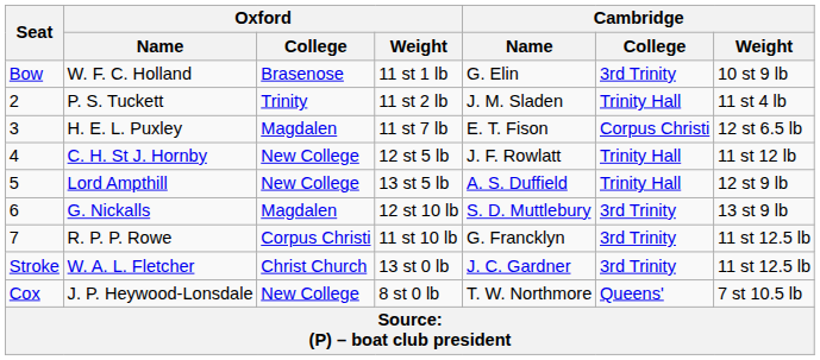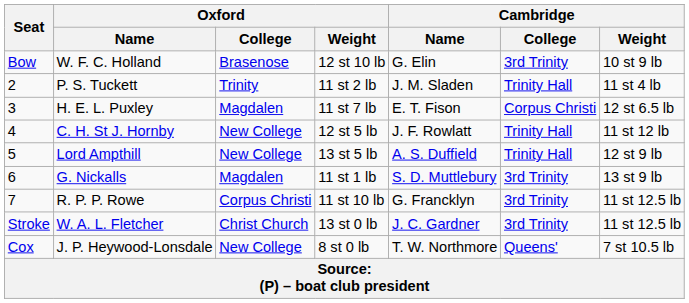 <table class="wikitable">
 <tr>
 <th rowspan="2" scope="col">Seat</th>
 <th colspan="3" scope="col">Oxford <br> </th>
 <th colspan="3" scope="col">Cambridge <br> </th>
 </tr>
 <tr>
 <th>Name</th>
 <th>College</th>
 <th>Weight</th>
 <th>Name</th>
 <th>College</th>
 <th>Weight</th>
 </tr>
 <tr>
 <td><a href='#'>Bow</a></td>
 <td>W. F. C. Holland</td>
 <td><a href='#'>Brasenose</a></td>
-<td>11 st 1 lb</td>
+<td>12 st 10 lb</td>
 <td>G. Elin</td>
 <td><a href='#'>3rd Trinity</a></td>
 <td>10 st 9 lb</td>
 </tr>
 <tr>
 <td>2</td>
 <td>P. S. Tuckett</td>
 <td><a href='#'>Trinity</a></td>
 <td>11 st 2 lb</td>
 <td>J. M. Sladen</td>
 <td><a href='#'>Trinity Hall</a></td>
 <td>11 st 4 lb</td>
 </tr>
 <tr>
 <td>3</td>
 <td>H. E. L. Puxley</td>
 <td><a href='#'>Magdalen</a></td>
 <td>11 st 7 lb</td>
 <td>E. T. Fison</td>
 <td><a href='#'>Corpus Christi</a></td>
 <td>12 st 6.5 lb</td>
 </tr>
 <tr>
 <td>4</td>
 <td><a href='#'>C. H. St J. Hornby</a></td>
 <td><a href='#'>New College</a></td>
 <td>12 st 5 lb</td>
 <td>J. F. Rowlatt</td>
 <td><a href='#'>Trinity Hall</a></td>
 <td>11 st 12 lb</td>
 </tr>
 <tr>
 <td>5</td>
 <td><a href='#'>Lord Ampthill</a></td>
 <td><a href='#'>New College</a></td>
 <td>13 st 5 lb</td>
 <td><a href='#'>A. S. Duffield</a></td>
 <td><a href='#'>Trinity Hall</a></td>
 <td>12 st 9 lb</td>
 </tr>
 <tr>
 <td>6</td>
 <td><a href='#'>G. Nickalls</a></td>
 <td><a href='#'>Magdalen</a></td>
-<td>12 st 10 lb</td>
+<td>11 st 1 lb</td>
 <td><a href='#'>S. D. Muttlebury</a></td>
 <td><a href='#'>3rd Trinity</a></td>
 <td>13 st 9 lb</td>
 </tr>
 <tr>
 <td>7</td>
 <td>R. P. P. Rowe</td>
 <td><a href='#'>Corpus Christi</a></td>
 <td>11 st 10 lb</td>
 <td>G. Francklyn</td>
 <td><a href='#'>3rd Trinity</a></td>
 <td>11 st 12.5 lb</td>
 </tr>
 <tr>
 <td><a href='#'>Stroke</a></td>
 <td><a href='#'>W. A. L. Fletcher</a></td>
 <td><a href='#'>Christ Church</a></td>
 <td>13 st 0 lb</td>
 <td><a href='#'>J. C. Gardner</a></td>
 <td><a href='#'>3rd Trinity</a></td>
 <td>11 st 12.5 lb</td>
 </tr>
 <tr>
 <td><a href='#'>Cox</a></td>
 <td>J. P. Heywood-Lonsdale</td>
 <td><a href='#'>New College</a></td>
 <td>8 st 0 lb</td>
 <td>T. W. Northmore</td>
 <td><a href='#'>Queens'</a></td>
 <td>7 st 10.5 lb</td>
 </tr>
 <tr>
 <th colspan="7">Source:<br>(P) – boat club president</th>
 </tr>
 </table>
